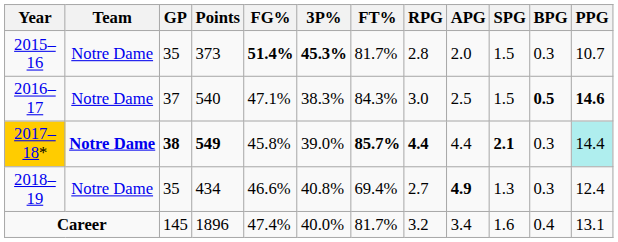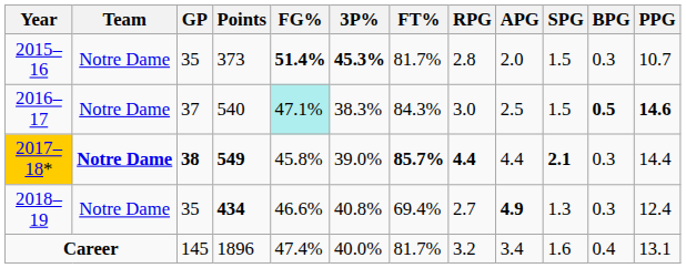 <table class="wikitable sortable">
 <tr>
 <th>Year</th>
 <th>Team</th>
 <th>GP</th>
 <th>Points</th>
 <th>FG%</th>
 <th>3P%</th>
 <th>FT%</th>
 <th>RPG</th>
 <th>APG</th>
 <th>SPG</th>
 <th>BPG</th>
 <th>PPG</th>
 </tr>
 <tr>
 <td width="10%" style="text-align:center;"><a href='#'>2015–16</a></td>
 <td style="text-align:center;"><a href='#'>Notre Dame</a></td>
 <td>35</td>
 <td>373</td>
 <td><strong>51.4%</strong></td>
 <td><strong>45.3%</strong></td>
 <td>81.7%</td>
 <td>2.8</td>
 <td>2.0</td>
 <td>1.5</td>
 <td>0.3</td>
 <td>10.7</td>
 </tr>
 <tr>
 <td style="text-align:center;"><a href='#'>2016–17</a></td>
 <td style="text-align:center;"><a href='#'>Notre Dame</a></td>
 <td>37</td>
 <td>540</td>
-<td>47.1%</td>
+<td style="background: paleturquoise;">47.1%</td>
 <td>38.3%</td>
 <td>84.3%</td>
 <td>3.0</td>
 <td>2.5</td>
 <td>1.5</td>
 <td><strong>0.5</strong></td>
 <td><strong>14.6</strong></td>
 </tr>
 <tr>
 <td style="background:#ffcc00; width:3em; text-align:center;"><a href='#'>2017–18</a>*</td>
 <td style="text-align:center;"><strong><a href='#'>Notre Dame</a></strong></td>
 <td><strong>38</strong></td>
 <td><strong>549</strong></td>
 <td>45.8%</td>
 <td>39.0%</td>
 <td><strong>85.7%</strong></td>
 <td><strong>4.4</strong></td>
 <td>4.4</td>
 <td><strong>2.1</strong></td>
 <td>0.3</td>
-<td style="background: paleturquoise;">14.4</td>
+<td>14.4</td>
 </tr>
 <tr>
 <td style="text-align:center;"><a href='#'>2018–19</a></td>
 <td style="text-align:center;"><a href='#'>Notre Dame</a></td>
 <td>35</td>
-<td>434</td>
+<td><strong>434</strong></td>
 <td>46.6%</td>
 <td>40.8%</td>
 <td>69.4%</td>
 <td>2.7</td>
 <td><strong>4.9</strong></td>
 <td>1.3</td>
 <td>0.3</td>
 <td>12.4</td>
 </tr>
 <tr>
 <td colspan=2 style="text-align:center;"><strong>Career</strong></td>
 <td>145</td>
 <td>1896</td>
 <td>47.4%</td>
 <td>40.0%</td>
 <td>81.7%</td>
 <td>3.2</td>
 <td>3.4</td>
 <td>1.6</td>
 <td>0.4</td>
 <td>13.1</td>
 </tr>
 </table>
